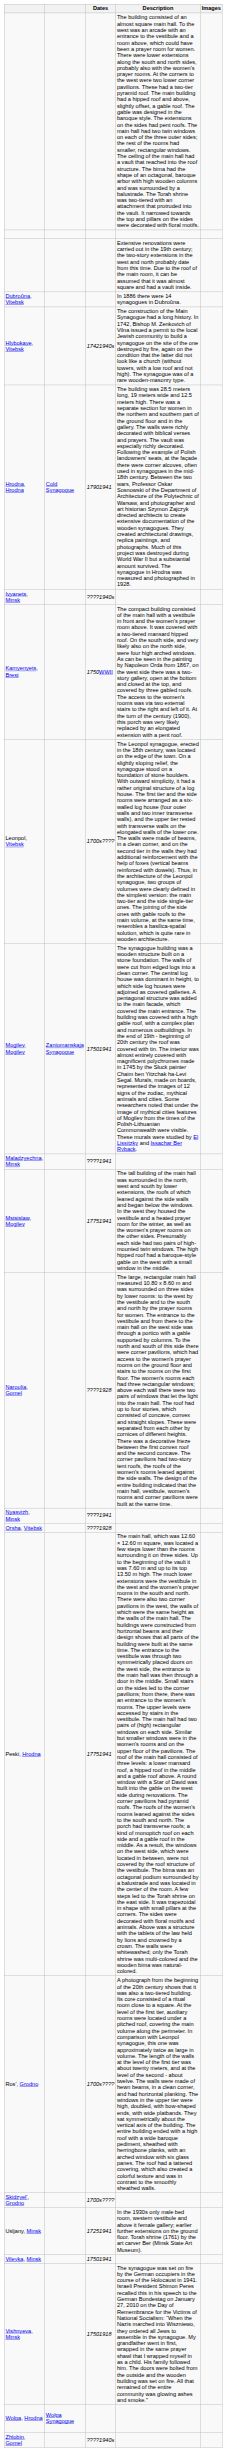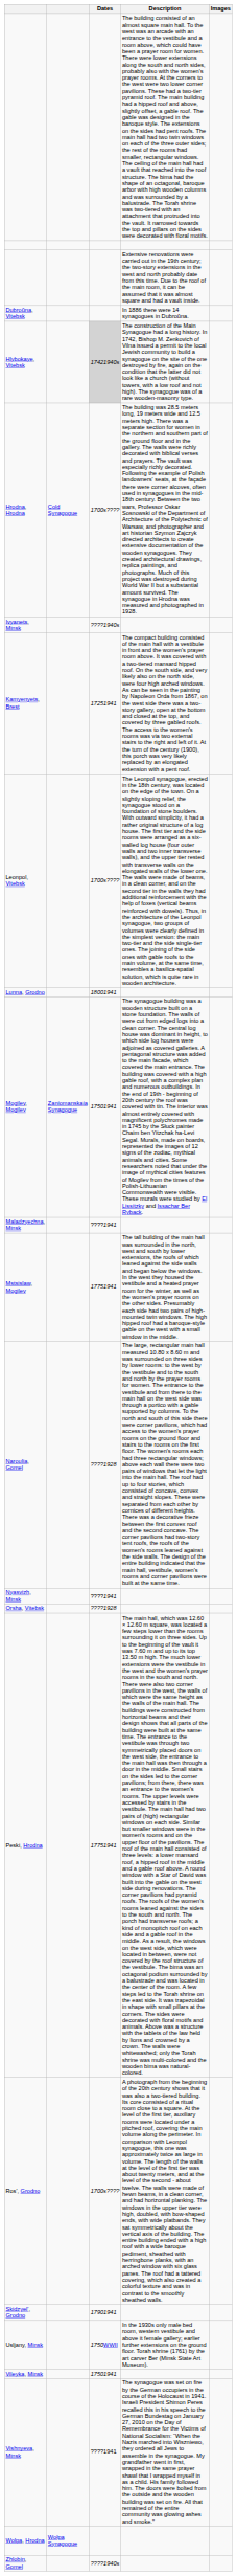 <table class="wikitable sortable"style="border: 1px solid gray; border-collapse: collapse;"width="100%"cellspacing="1"cellpadding="2">
 <tr>
 <th></th>
 <th></th>
 <th>Dates</th>
 <th class="unsortable">Description</th>
 <th class="unsortable">Images</th>
 </tr>
 <tr id="A">
 <td></td>
 <td><br></td>
 <td></td>
 <td>The building consisted of an almost square main hall. To the west was an arcade with an entrance to the vestibule and a room above, which could have been a prayer room for women. There were lower extensions along the south and north sides, probably also with the women's prayer rooms. At the corners to the west were two lower corner pavilions. These had a two-tier pyramid roof. The main building had a hipped roof and above, slightly offset, a gable roof. The gable was designed in the baroque style. The extensions on the sides had pent roofs. The main hall had two twin windows on each of the three outer sides; the rest of the rooms had smaller, rectangular windows. The ceiling of the main hall had a vault that reached into the roof structure. The bima had the shape of an octagonal, baroque arbor with high wooden columns and was surrounded by a balustrade. The Torah shrine was two-tiered with an attachment that protruded into the vault. It narrowed towards the top and pillars on the sides were decorated with floral motifs.</td>
 <td><br><br><br></td>
 </tr>
 <tr>
 <td></td>
 <td><br></td>
 <td></td>
 <td></td>
 <td><br></td>
 </tr>
 <tr id="D">
 <td></td>
 <td><br></td>
 <td></td>
 <td>Extensive renovations were carried out in the 19th century; the two-story extensions in the west and north probably date from this time. Due to the roof of the main room, it can be assumed that it was almost square and had a vault inside.</td>
 <td></td>
 </tr>
 <tr>
 <td><a href='#'>Dubroŭna</a>, <a href='#'>Vitebsk</a></td>
 <td></td>
 <td></td>
 <td>In 1886 there were 14 synagogues in Dubroŭna.</td>
 <td></td>
 </tr>
 <tr id="H">
 <td><a href='#'>Hlybokaye</a>, <a href='#'>Vitebsk</a></td>
 <td></td>
-<td><em>1742</em><em>1940s</em></td>
+<td style="background: lightgrey;"><em>1742</em><em>1940s</em></td>
 <td>The construction of the Main Synagogue had a long history. In 1742, Bishop M. Zenkovich of Vilna issued a permit to the local Jewish community to build a synagogue on the site of the one destroyed by fire, again on the condition that the latter did not look like a church (without towers, with a low roof and not high). The synagogue was of a rare wooden-masonry type.</td>
 <td></td>
 </tr>
 <tr>
 <td><a href='#'>Hrodna</a>, <a href='#'>Hrodna</a></td>
 <td><a href='#'>Cold Synagogue</a><br></td>
-<td><em>1790</em><em>1941</em></td>
+<td><em>1700s</em><em>????</em></td>
 <td>The building was 28.5 meters long, 19 meters wide and 12.5 meters high. There was a separate section for women in the northern and southern part of the ground floor and in the gallery. The walls were richly decorated with biblical verses and prayers. The vault was especially richly decorated. Following the example of Polish landowners' seats, at the façade there were corner alcoves, often used in synagogues in the mid-18th century. Between the two wars, Professor Oskar Sosnowski of the Department of Architecture of the Polytechnic of Warsaw, and photographer and art historian Szymon Zajczyk directed architects to create extensive documentation of the wooden synagogues. They created architectural drawings, replica paintings, and photographs. Much of this project was destroyed during World War II but a substantial amount survived. The synagogue in Hrodna was measured and photographed in 1928.</td>
 <td><br><br><br></td>
 </tr>
 <tr id="I">
 <td><a href='#'>Ivyanets</a>, <a href='#'>Minsk</a></td>
 <td><br></td>
 <td><em>????</em><em>1940s</em></td>
 <td></td>
 <td></td>
 </tr>
 <tr id="K">
 <td><a href='#'>Kamyenyets</a>, <a href='#'>Brest</a></td>
 <td></td>
-<td><em>1750</em><a href='#'>WWII</a></td>
+<td><em>1725</em><em>1941</em></td>
 <td>The compact building consisted of the main hall with a vestibule in front and the women's prayer room above. It was covered with a two-tiered mansard hipped roof. On the south side, and very likely also on the north side, were four high arched windows. As can be seen in the painting by Napoleon Orda from 1867, on the west side there was a two-story gallery, open at the bottom and closed at the top, and covered by three gabled roofs. The access to the women's rooms was via two external stairs to the right and left of it. At the turn of the century (1900), this porch was very likely replaced by an elongated extension with a pent roof.</td>
 <td><br></td>
 </tr>
 <tr id="L">
 <td>Leonpol, <a href='#'>Vitebsk</a></td>
 <td></td>
 <td><em>1700s</em><em>????</em></td>
 <td>The Leonpol synagogue, erected in the 18th century, was located on the edge of the town. On a slightly sloping relief, the synagogue stood on a foundation of stone boulders. With outward simplicity, it had a rather original structure of a log house. The first tier and the side rooms were arranged as a six-walled log house (four outer walls and two inner transverse walls), and the upper tier rested with transverse walls on the elongated walls of the lower one. The walls were made of beams, in a clean corner, and on the second tier in the walls they had additional reinforcement with the help of foxes (vertical beams reinforced with dowels). Thus, in the architecture of the Leonpol synagogue, two groups of volumes were clearly defined in the simplest version: the main two-tier and the side single-tier ones. The joining of the side ones with gable roofs to the main volume, at the same time, resembles a basilica-spatial solution, which is quite rare in wooden architecture.</td>
+<td></td>
+</tr>
+<tr>
+<td><a href='#'>Lunna</a>, <a href='#'>Grodno</a></td>
+<td></td>
+<td><em>1800</em><em>1941</em></td>
+<td></td>
 <td></td>
 </tr>
 <tr id="M">
 <td><a href='#'>Mogilev</a>, <a href='#'>Mogilev</a></td>
 <td><a href='#'>Zaniomanskaja Synagogue</a><br></td>
 <td><em>1750</em><em>1941</em></td>
 <td>The synagogue building was a wooden structure built on a stone foundation. The walls of were cut from edged logs into a clean corner. The central log house was dominant in height, to which side log houses were adjoined as covered galleries. A pentagonal structure was added to the main facade, which covered the main entrance. The building was covered with a high gable roof, with a complex plan and numerous outbuildings. In the end of 19th - beginning of 20th century the roof was covered with tin. The interior was almost entirely covered with magnificent polychromes made in 1745 by the Słuck painter Chaim ben Yitzchak ha-Levi Segal. Murals, made on boards, represented the images of 12 signs of the zodiac, mythical animals and cities. Some researchers noted that under the image of mythical cities features of Mogilev from the times of the Polish-Lithuanian Commonwealth were visible. These murals were studied by <a href='#'>El Lissitzky</a> and <a href='#'>Issachar Ber Ryback</a>.</td>
 <td><br><br></td>
 </tr>
 <tr>
 <td><a href='#'>Maladzyechna</a>, <a href='#'>Minsk</a></td>
 <td></td>
 <td>????<em>1941</em></td>
 <td></td>
 <td></td>
 </tr>
 <tr>
 <td><a href='#'>Mstsislaw</a>, <a href='#'>Mogilev</a></td>
 <td><br></td>
 <td><em>1775</em><em>1941</em></td>
 <td>The tall building of the main hall was surrounded in the north, west and south by lower extensions, the roofs of which leaned against the side walls and began below the windows. In the west they housed the vestibule and a heated prayer room for the winter, as well as the women's prayer rooms on the other sides. Presumably each side had two pairs of high-mounted twin windows. The high hipped roof had a baroque-style gable on the west with a small window in the middle.</td>
 <td></td>
 </tr>
 <tr id="N">
 <td><a href='#'>Naroulia</a>, <a href='#'>Gomel</a></td>
 <td><br></td>
 <td><em>????</em><em>1928</em></td>
 <td>The large, rectangular main hall measured 10.80 x 8.60 m and was surrounded on three sides by lower rooms: to the west by the vestibule and to the south and north by the prayer rooms for women. The entrance to the vestibule and from there to the main hall on the west side was through a portico with a gable supported by columns. To the north and south of this side there were corner pavilions, which had access to the women's prayer rooms on the ground floor and stairs to the rooms on the first floor. The women's rooms each had three rectangular windows; above each wall there were two pairs of windows that let the light into the main hall. The roof had up to four stories, which consisted of concave, convex and straight slopes. These were separated from each other by cornices of different heights. There was a decorative frieze between the first convex roof and the second concave. The corner pavilions had two-story tent roofs, the roofs of the women's rooms leaned against the side walls. The design of the entire building indicated that the main hall, vestibule, women's rooms and corner pavilions were built at the same time.</td>
 <td><br></td>
 </tr>
 <tr>
 <td><a href='#'>Nyasvizh</a>, <a href='#'>Minsk</a></td>
 <td></td>
 <td>????<em>1941</em></td>
 <td></td>
 <td></td>
 </tr>
 <tr id="O">
 <td><a href='#'>Orsha</a>, <a href='#'>Vitebsk</a></td>
 <td></td>
 <td><em>????</em><em>1928</em></td>
 <td></td>
 <td><br></td>
 </tr>
 <tr id="P">
 <td>Peski, <a href='#'>Hrodna</a></td>
 <td><br></td>
 <td><em>1775</em><em>1941</em></td>
 <td>The main hall, which was 12.60 × 12.60 m square, was located a few steps lower than the rooms surrounding it on three sides. Up to the beginning of the vault it was 7.60 m and up to its top 13.50 m high. The much lower extensions were the vestibule in the west and the women's prayer rooms in the south and north. There were also two corner pavilions in the west, the walls of which were the same height as the walls of the main hall. The buildings were constructed from horizontal beams and their design shows that all parts of the building were built at the same time. The entrance to the vestibule was through two symmetrically placed doors on the west side, the entrance to the main hall was then through a door in the middle. Small stairs on the sides led to the corner pavilions; from there, there was an entrance to the women's rooms. The upper levels were accessed by stairs in the vestibule. The main hall had two pairs of (high) rectangular windows on each side. Similar but smaller windows were in the women's rooms and on the upper floor of the pavilions. The roof of the main hall consisted of three levels: a lower mansard roof, a hipped roof in the middle and a gable roof above. A round window with a Star of David was built into the gable on the west side during renovations. The corner pavilions had pyramid roofs. The roofs of the women's rooms leaned against the sides to the south and north. The porch had transverse roofs; a kind of monopitch roof on each side and a gable roof in the middle. As a result, the windows on the west side, which were located in between, were not covered by the roof structure of the vestibule. The bima was an octagonal podium surrounded by a balustrade and was located in the center of the room. A few steps led to the Torah shrine on the east side. It was trapezoidal in shape with small pillars at the corners. The sides were decorated with floral motifs and animals. Above was a structure with the tablets of the law held by lions and crowned by a crown. The walls were whitewashed; only the Torah shrine was multi-colored and the wooden bima was natural-colored.</td>
 <td><br></td>
 </tr>
 <tr id="R">
 <td>Ros', <a href='#'>Grodno</a></td>
 <td></td>
 <td><em>1700s</em><em>????</em></td>
 <td>A photograph from the beginning of the 20th century shows that it was also a two-tiered building. Its core consisted of a ritual room close to a square. At the level of the first tier, auxiliary rooms were located under a pitched roof, covering the main volume along the perimeter. In comparison with Leonpol synagogue, this one was approximately twice as large in volume. The length of the walls at the level of the first tier was about twenty meters, and at the level of the second - about twelve. The walls were made of hewn beams, in a clean corner, and had horizontal planking. The windows in the upper tier were high, doubled, with bow-shaped ends, with wide platbands. They sat symmetrically about the vertical axis of the building. The entire building ended with a high roof with a wide baroque pediment, sheathed with herringbone planks, with an arched window with six glass panes. The roof had a tattered covering, which also created a colorful texture and was in contrast to the smoothly sheathed walls.</td>
 <td></td>
 </tr>
 <tr id="S">
 <td><a href='#'>Skidzyelʹ</a>, <a href='#'>Grodno</a></td>
 <td></td>
-<td><em>1700s</em><em>????</em></td>
+<td><em>1790</em><em>1941</em></td>
 <td></td>
 <td></td>
 </tr>
 <tr id="U">
 <td>Usljany, <a href='#'>Minsk</a></td>
 <td></td>
-<td><em>1725</em><em>1941</em></td>
+<td><em>1750</em><a href='#'>WWII</a></td>
 <td>In the 1930s only male bed room, western vestibule and above it female gallery; earlier further extensions on the ground floor. Torah shrine (1761) by the art carver Ber (Minsk State Art Museum).</td>
 <td></td>
 </tr>
 <tr id="V">
 <td><a href='#'>Vileyka</a>, <a href='#'>Minsk</a></td>
 <td></td>
 <td><em>1750</em><em>1941</em></td>
 <td></td>
 <td></td>
 </tr>
 <tr>
 <td><a href='#'>Vishnyeva</a>, <a href='#'>Minsk</a></td>
 <td></td>
-<td><em>1750</em><em>1918</em></td>
+<td>????1941</td>
 <td>The synagogue was set on fire by the German occupiers in the course of the Holocaust in 1941. Israeli President Shimon Peres recalled this in his speech to the German Bundestag on January 27, 2010 on the Day of Remembrance for the Victims of National Socialism: “When the Nazis marched into Wiszniewo, they ordered all Jews to assemble in the synagogue. My grandfather went in first, wrapped in the same prayer shawl that I wrapped myself in as a child. His family followed him. The doors were bolted from the outside and the wooden building was set on fire. All that remained of the entire community was glowing ashes and smoke."</td>
 <td></td>
 </tr>
 <tr id="W">
 <td><a href='#'>Wolpa</a>, <a href='#'>Hrodna</a></td>
 <td><a href='#'>Wołpa Synagogue</a><br></td>
 <td></td>
 <td></td>
 <td><br><br><br><br></td>
 </tr>
 <tr id="Z">
 <td><a href='#'>Zhlobin</a>, <a href='#'>Gomel</a></td>
 <td></td>
 <td><em>????</em><em>1940s</em></td>
 <td></td>
 <td></td>
 </tr>
 </table>
